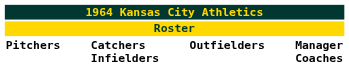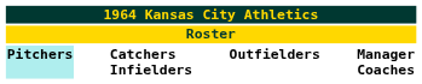 <table class="toccolours" style="font-size: 95%;">
 <tr>
 <th colspan="10" style="background-color: #003831; color: #FFD800; text-align: center;">1964 Kansas City Athletics</th>
 </tr>
 <tr>
 <td colspan="10" style="background-color: #FFD800; color: #003831; text-align: center;"><strong>Roster</strong></td>
 </tr>
 <tr>
-<td valign="top"><strong>Pitchers</strong><br>                 </td>
+<td valign="top" style="background: paleturquoise;"><strong>Pitchers</strong><br>                 </td>
 <td width="25px"></td>
 <td valign="top"><strong>Catchers</strong><br>    <strong>Infielders</strong>        </td>
 <td width="25px"></td>
 <td valign="top"><strong>Outfielders</strong><br>         </td>
 <td width="25px"></td>
 <td valign="top"><strong>Manager</strong><br>  <strong>Coaches</strong>      </td>
 </tr>
 </table>
